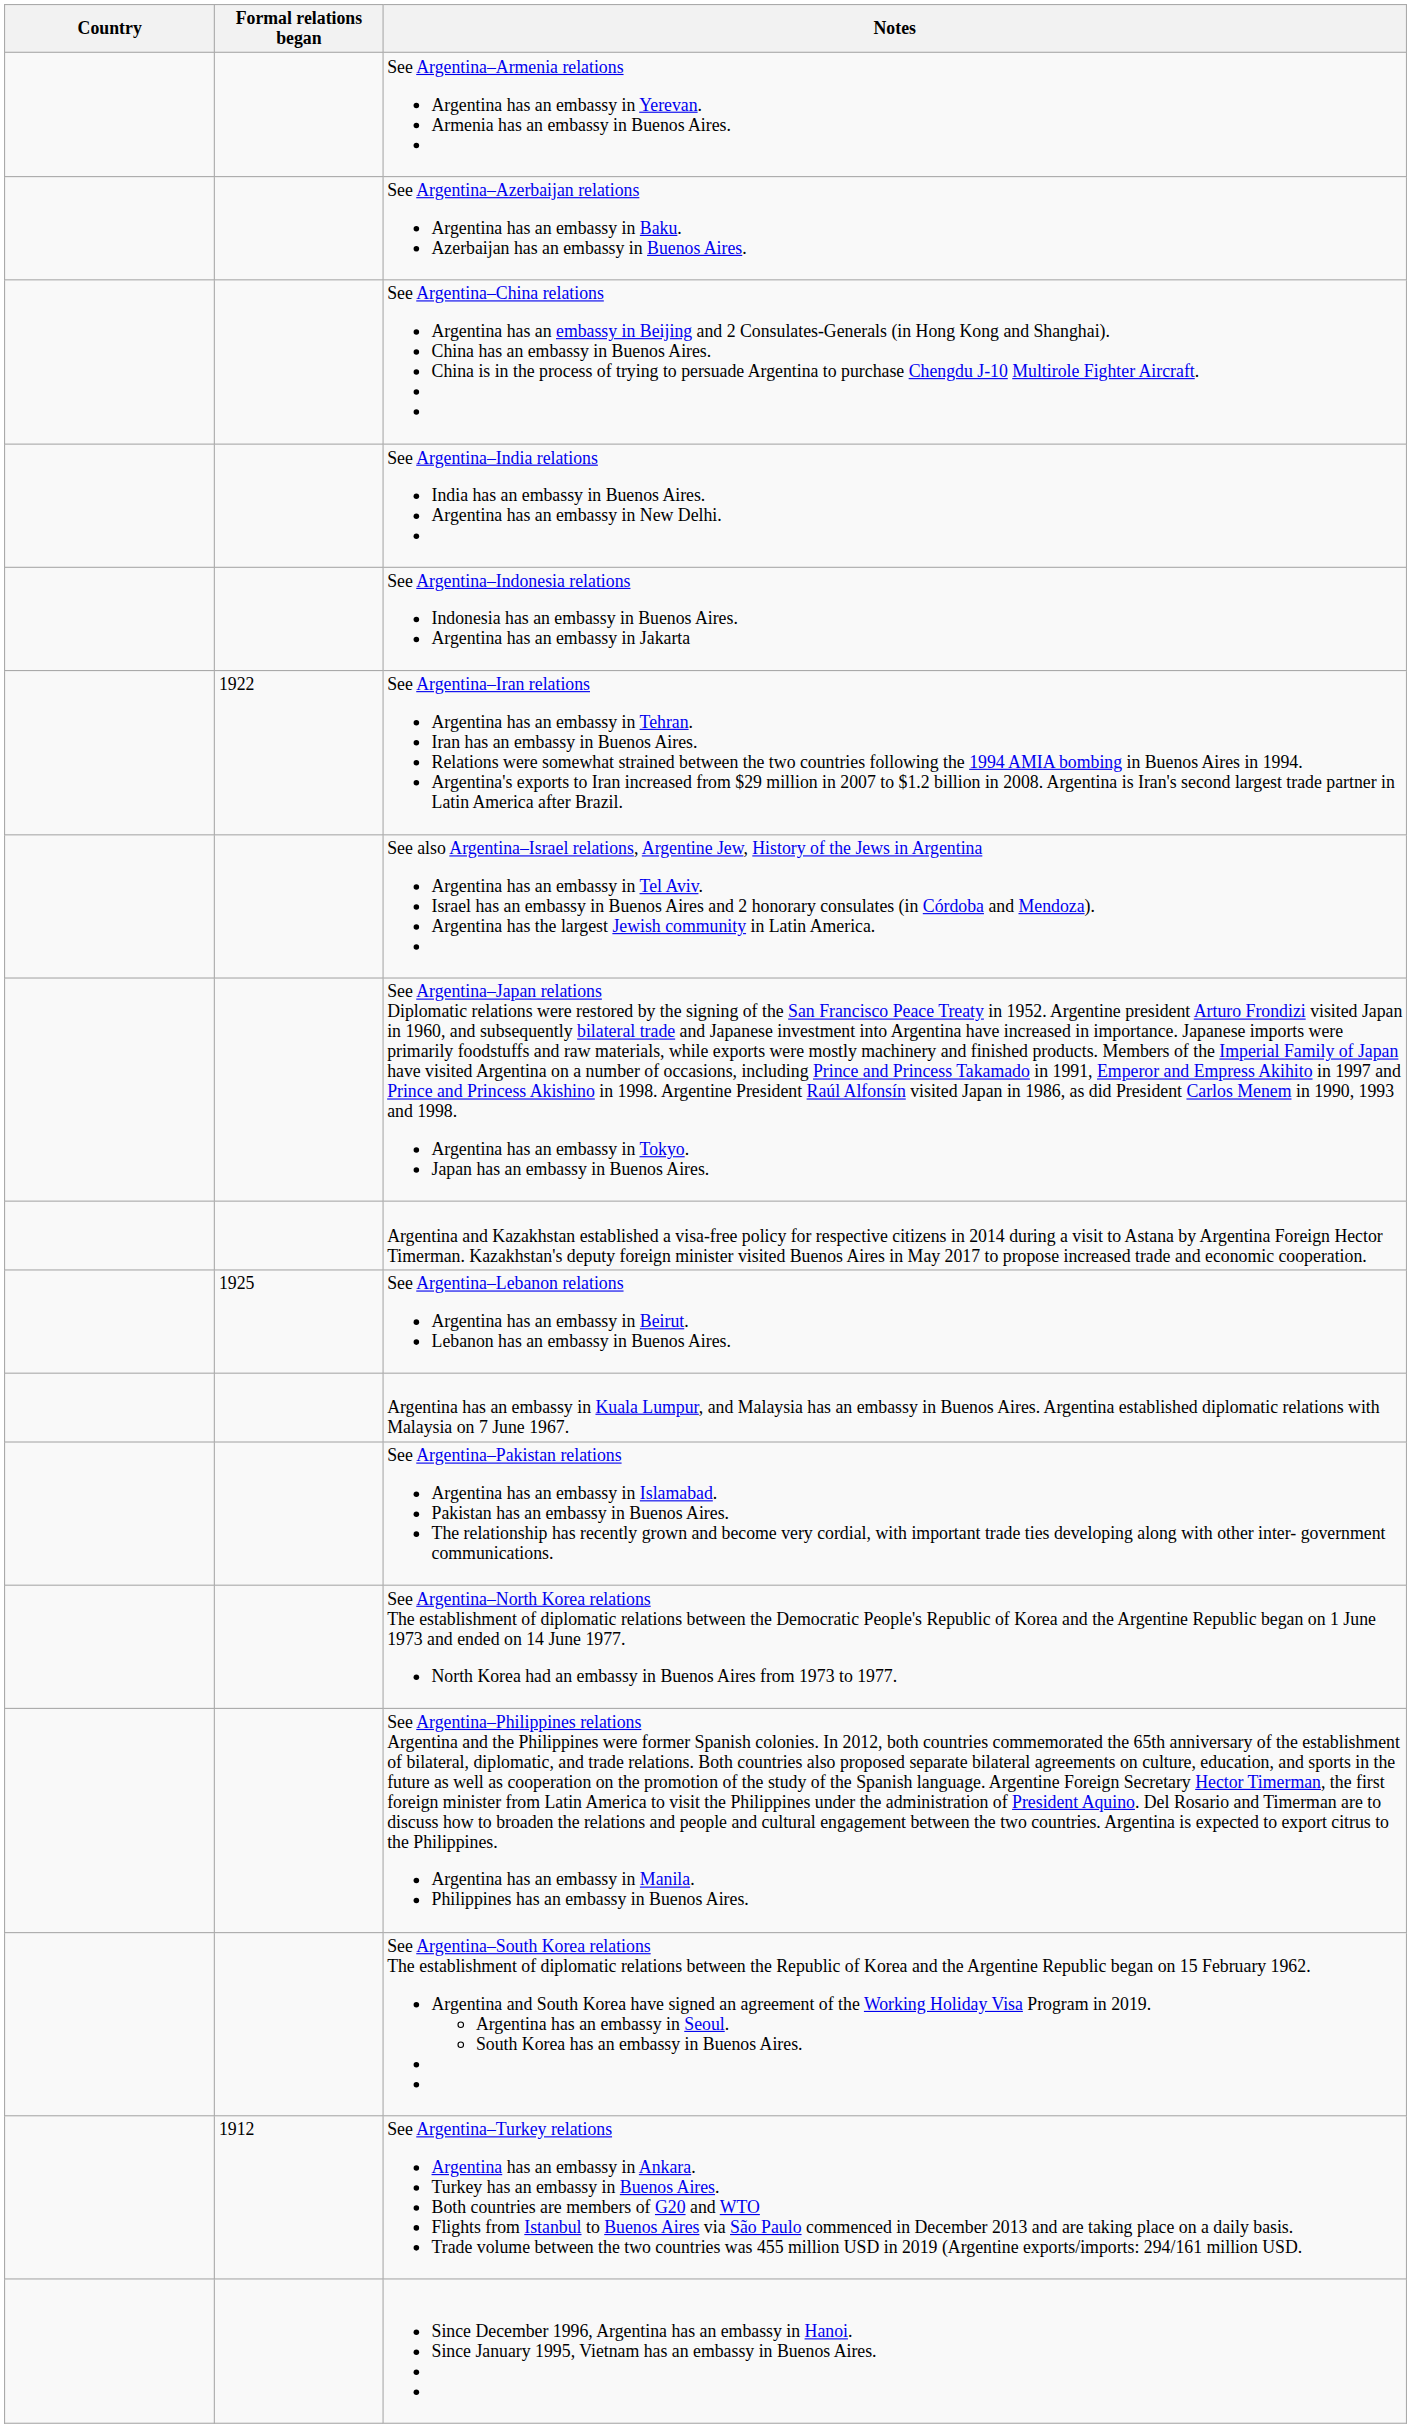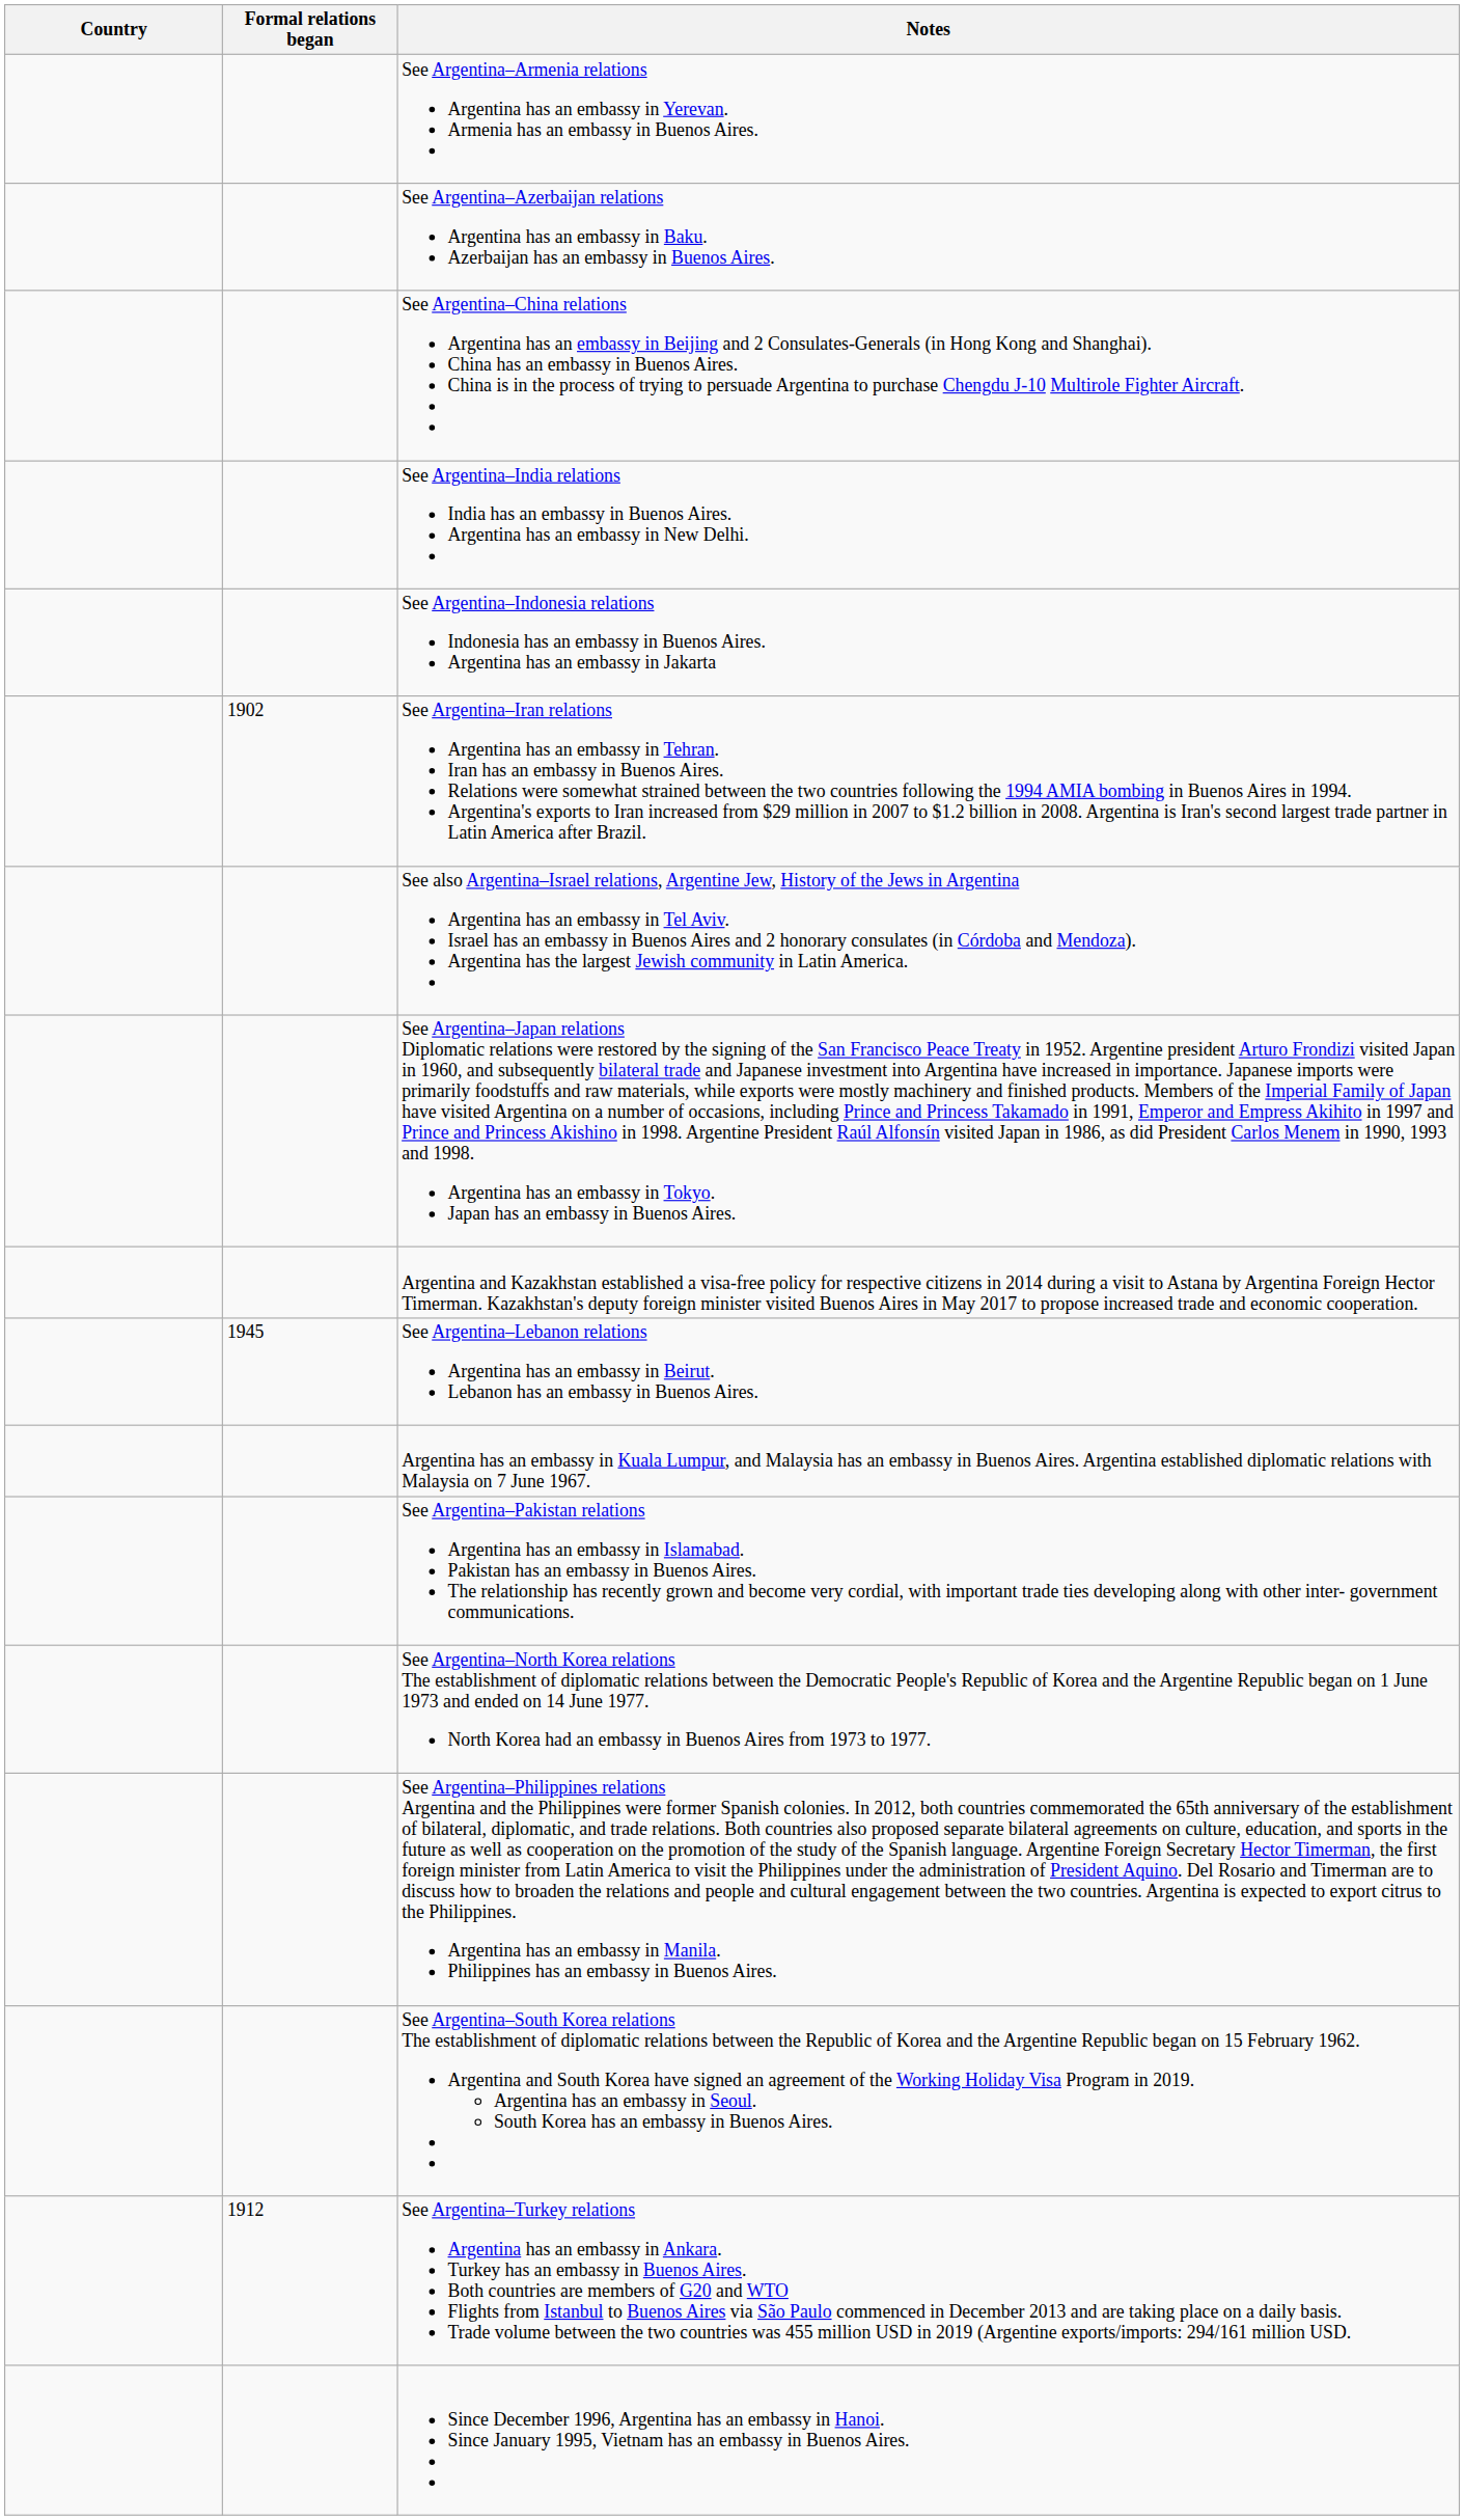 <table class="wikitable sortable" style="width:100%; margin:auto;">
 <tr>
 <th style="width:15%;">Country</th>
 <th style="width:12%;">Formal relations began</th>
 <th>Notes</th>
 </tr>
 <tr valign="top">
 <td></td>
 <td></td>
 <td>See <a href='#'>Argentina–Armenia relations</a><br><ul><li>Argentina has an embassy in <a href='#'>Yerevan</a>.</li><li>Armenia has an embassy in Buenos Aires.</li><li> </li></ul></td>
 </tr>
 <tr valign="top">
 <td></td>
 <td></td>
 <td>See <a href='#'>Argentina–Azerbaijan relations</a><br><ul><li>Argentina has an embassy in <a href='#'>Baku</a>.</li><li>Azerbaijan has an embassy in <a href='#'>Buenos Aires</a>.</li></ul></td>
 </tr>
 <tr valign="top">
 <td></td>
 <td></td>
 <td>See <a href='#'>Argentina–China relations</a><br><ul><li>Argentina has an <a href='#'>embassy in Beijing</a> and 2 Consulates-Generals (in Hong Kong and Shanghai).</li><li>China has an embassy in Buenos Aires.</li><li>China is in the process of trying to persuade Argentina to purchase <a href='#'>Chengdu J-10</a> <a href='#'>Multirole Fighter Aircraft</a>.</li><li> </li><li></li></ul></td>
 </tr>
 <tr valign="top">
 <td></td>
 <td></td>
 <td>See <a href='#'>Argentina–India relations</a><br><ul><li>India has an embassy in Buenos Aires.</li><li>Argentina has an embassy in New Delhi.</li><li> </li></ul></td>
 </tr>
 <tr valign="top">
 <td></td>
 <td></td>
 <td>See <a href='#'>Argentina–Indonesia relations</a><br><ul><li>Indonesia has an embassy in Buenos Aires.</li><li>Argentina has an embassy in Jakarta</li></ul></td>
 </tr>
 <tr valign="top">
 <td></td>
-<td>1922</td>
+<td>1902</td>
 <td>See <a href='#'>Argentina–Iran relations</a><br><ul><li>Argentina has an embassy in <a href='#'>Tehran</a>.</li><li>Iran has an embassy in Buenos Aires.</li><li>Relations were somewhat strained between the two countries following the <a href='#'>1994 AMIA bombing</a> in Buenos Aires in 1994.</li><li>Argentina's exports to Iran increased from $29 million in 2007 to $1.2 billion in 2008. Argentina is Iran's second largest trade partner in Latin America after Brazil.</li></ul></td>
 </tr>
 <tr valign="top">
 <td></td>
 <td></td>
 <td>See also <a href='#'>Argentina–Israel relations</a>, <a href='#'>Argentine Jew</a>, <a href='#'>History of the Jews in Argentina</a><br><ul><li>Argentina has an embassy in <a href='#'>Tel Aviv</a>.</li><li>Israel has an embassy in Buenos Aires and 2 honorary consulates (in <a href='#'>Córdoba</a> and <a href='#'>Mendoza</a>).</li><li>Argentina has the largest <a href='#'>Jewish community</a> in Latin America.</li><li> </li></ul></td>
 </tr>
 <tr valign="top">
 <td></td>
 <td></td>
 <td>See <a href='#'>Argentina–Japan relations</a><br>Diplomatic relations were restored by the signing of the <a href='#'>San Francisco Peace Treaty</a> in 1952. Argentine president <a href='#'>Arturo Frondizi</a> visited Japan in 1960, and subsequently <a href='#'>bilateral trade</a> and Japanese investment into Argentina have increased in importance. Japanese imports were primarily foodstuffs and raw materials, while exports were mostly machinery and finished products. Members of the <a href='#'>Imperial Family of Japan</a> have visited Argentina on a number of occasions, including <a href='#'>Prince and Princess Takamado</a> in 1991, <a href='#'>Emperor and Empress Akihito</a> in 1997 and <a href='#'>Prince and Princess Akishino</a> in 1998. Argentine President <a href='#'>Raúl Alfonsín</a> visited Japan in 1986, as did President <a href='#'>Carlos Menem</a> in 1990, 1993 and 1998.<ul><li>Argentina has an embassy in <a href='#'>Tokyo</a>.</li><li>Japan has an embassy in Buenos Aires.</li></ul></td>
 </tr>
 <tr valign="top">
 <td></td>
 <td></td>
 <td><br>Argentina and Kazakhstan established a visa-free policy for respective citizens in 2014 during a visit to Astana by Argentina Foreign Hector Timerman.  Kazakhstan's deputy foreign minister visited Buenos Aires in May 2017 to propose increased trade and economic cooperation.</td>
 </tr>
 <tr valign="top">
 <td></td>
-<td>1925</td>
+<td>1945</td>
 <td>See <a href='#'>Argentina–Lebanon relations</a><br><ul><li>Argentina has an embassy in <a href='#'>Beirut</a>.</li><li>Lebanon has an embassy in Buenos Aires.</li></ul></td>
 </tr>
 <tr valign="top">
 <td></td>
 <td></td>
 <td><br>Argentina has an embassy in <a href='#'>Kuala Lumpur</a>, and Malaysia has an embassy in Buenos Aires. Argentina established diplomatic relations with Malaysia on 7 June 1967.</td>
 </tr>
 <tr valign="top">
 <td></td>
 <td></td>
 <td>See <a href='#'>Argentina–Pakistan relations</a><br><ul><li>Argentina has an embassy in <a href='#'>Islamabad</a>.</li><li>Pakistan has an embassy in Buenos Aires.</li><li>The relationship has recently grown and become very cordial, with important trade ties developing along with other inter- government communications.</li></ul></td>
 </tr>
 <tr valign="top">
 <td></td>
 <td></td>
 <td>See <a href='#'>Argentina–North Korea relations</a><br>The establishment of diplomatic relations between the Democratic People's Republic of Korea and the Argentine Republic began on 1 June 1973 and ended on 14 June 1977.<ul><li>North Korea had an embassy in Buenos Aires from 1973 to 1977.</li></ul></td>
 </tr>
 <tr valign="top">
 <td></td>
 <td></td>
 <td>See <a href='#'>Argentina–Philippines relations</a><br>Argentina and the Philippines were former Spanish colonies. In 2012, both countries commemorated the 65th anniversary of the establishment of bilateral, diplomatic, and trade relations. Both countries also proposed separate bilateral agreements on culture, education, and sports in the future as well as cooperation on the promotion of the study of the Spanish language. Argentine Foreign Secretary <a href='#'>Hector Timerman</a>, the first foreign minister from Latin America to visit the Philippines under the administration of <a href='#'>President Aquino</a>. Del Rosario and Timerman are to discuss how to broaden the relations and people and cultural engagement between the two countries. Argentina is expected to export citrus to the Philippines.<ul><li>Argentina has an embassy in <a href='#'>Manila</a>.</li><li>Philippines has an embassy in Buenos Aires.</li></ul></td>
 </tr>
 <tr valign="top">
 <td></td>
 <td> </td>
 <td>See <a href='#'>Argentina–South Korea relations</a><br>The establishment of diplomatic relations between the Republic of Korea and the Argentine Republic began on 15 February 1962.<ul><li>Argentina and South Korea have signed an agreement of the <a href='#'>Working Holiday Visa</a> Program in 2019.<ul><li>Argentina has an embassy in <a href='#'>Seoul</a>.</li><li>South Korea has an embassy in Buenos Aires.</li></ul></li><li></li><li></li></ul></td>
 </tr>
 <tr valign="top">
 <td></td>
 <td>1912</td>
 <td>See <a href='#'>Argentina–Turkey relations</a><br><ul><li><a href='#'>Argentina</a> has an embassy in <a href='#'>Ankara</a>.</li><li>Turkey has an embassy in <a href='#'>Buenos Aires</a>.</li><li>Both countries are members of <a href='#'>G20</a> and <a href='#'>WTO</a></li><li>Flights from <a href='#'>Istanbul</a> to <a href='#'>Buenos Aires</a> via <a href='#'>São Paulo</a> commenced in December 2013 and are taking place on a daily basis.</li><li>Trade volume between the two countries was 455 million USD in 2019 (Argentine exports/imports: 294/161 million USD.</li></ul></td>
 </tr>
 <tr valign="top">
 <td></td>
 <td></td>
 <td><br><ul><li>Since December 1996, Argentina has an embassy in <a href='#'>Hanoi</a>.</li><li>Since January 1995, Vietnam has an embassy in Buenos Aires.</li><li> </li><li></li></ul></td>
 </tr>
 </table>
